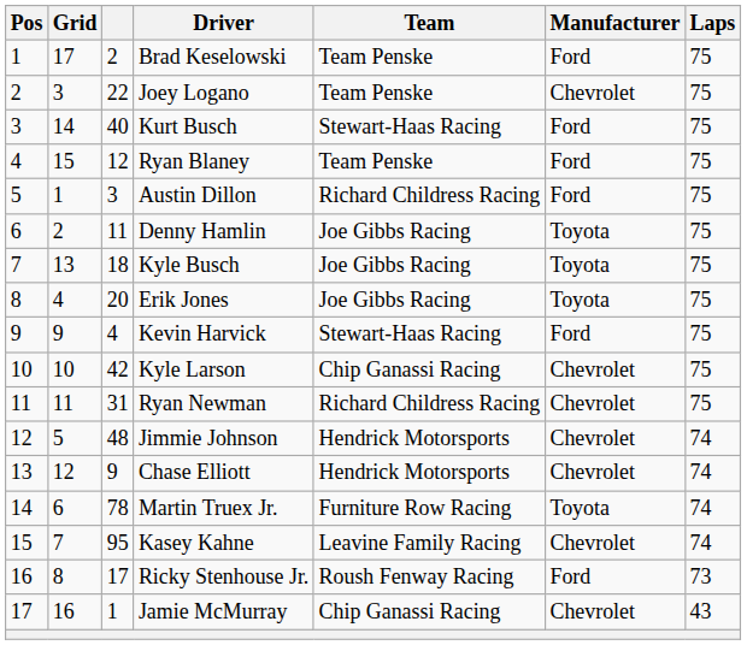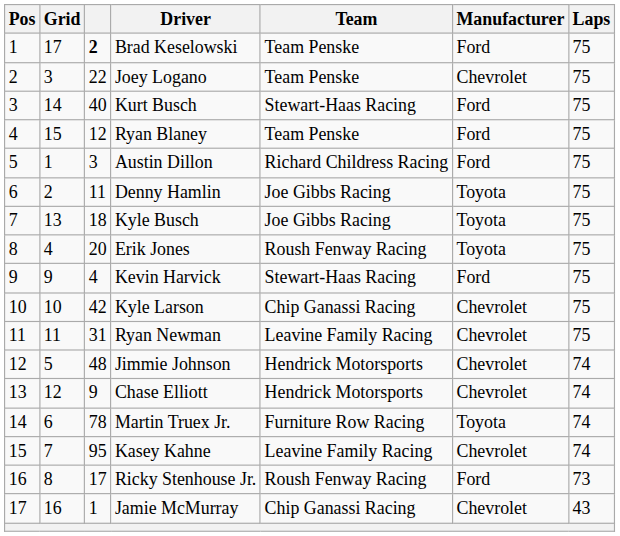 <table class="wikitable" style="font-size:98%">
 <tr>
 <th>Pos</th>
 <th>Grid</th>
 <th></th>
 <th>Driver</th>
 <th>Team</th>
 <th>Manufacturer</th>
 <th>Laps</th>
 </tr>
 <tr>
 <td>1</td>
 <td>17</td>
-<td>2</td>
+<td><strong>2</strong></td>
 <td>Brad Keselowski</td>
 <td>Team Penske</td>
 <td>Ford</td>
 <td>75</td>
 </tr>
 <tr>
 <td>2</td>
 <td>3</td>
 <td>22</td>
 <td>Joey Logano</td>
 <td>Team Penske</td>
 <td>Chevrolet</td>
 <td>75</td>
 </tr>
 <tr>
 <td>3</td>
 <td>14</td>
 <td>40</td>
 <td>Kurt Busch</td>
 <td>Stewart-Haas Racing</td>
 <td>Ford</td>
 <td>75</td>
 </tr>
 <tr>
 <td>4</td>
 <td>15</td>
 <td>12</td>
 <td>Ryan Blaney</td>
 <td>Team Penske</td>
 <td>Ford</td>
 <td>75</td>
 </tr>
 <tr>
 <td>5</td>
 <td>1</td>
 <td>3</td>
 <td>Austin Dillon</td>
 <td>Richard Childress Racing</td>
 <td>Ford</td>
 <td>75</td>
 </tr>
 <tr>
 <td>6</td>
 <td>2</td>
 <td>11</td>
 <td>Denny Hamlin</td>
 <td>Joe Gibbs Racing</td>
 <td>Toyota</td>
 <td>75</td>
 </tr>
 <tr>
 <td>7</td>
 <td>13</td>
 <td>18</td>
 <td>Kyle Busch</td>
 <td>Joe Gibbs Racing</td>
 <td>Toyota</td>
 <td>75</td>
 </tr>
 <tr>
 <td>8</td>
 <td>4</td>
 <td>20</td>
 <td>Erik Jones</td>
-<td>Joe Gibbs Racing</td>
+<td>Roush Fenway Racing</td>
 <td>Toyota</td>
 <td>75</td>
 </tr>
 <tr>
 <td>9</td>
 <td>9</td>
 <td>4</td>
 <td>Kevin Harvick</td>
 <td>Stewart-Haas Racing</td>
 <td>Ford</td>
 <td>75</td>
 </tr>
 <tr>
 <td>10</td>
 <td>10</td>
 <td>42</td>
 <td>Kyle Larson</td>
 <td>Chip Ganassi Racing</td>
 <td>Chevrolet</td>
 <td>75</td>
 </tr>
 <tr>
 <td>11</td>
 <td>11</td>
 <td>31</td>
 <td>Ryan Newman</td>
-<td>Richard Childress Racing</td>
+<td>Leavine Family Racing</td>
 <td>Chevrolet</td>
 <td>75</td>
 </tr>
 <tr>
 <td>12</td>
 <td>5</td>
 <td>48</td>
 <td>Jimmie Johnson</td>
 <td>Hendrick Motorsports</td>
 <td>Chevrolet</td>
 <td>74</td>
 </tr>
 <tr>
 <td>13</td>
 <td>12</td>
 <td>9</td>
 <td>Chase Elliott</td>
 <td>Hendrick Motorsports</td>
 <td>Chevrolet</td>
 <td>74</td>
 </tr>
 <tr>
 <td>14</td>
 <td>6</td>
 <td>78</td>
 <td>Martin Truex Jr.</td>
 <td>Furniture Row Racing</td>
 <td>Toyota</td>
 <td>74</td>
 </tr>
 <tr>
 <td>15</td>
 <td>7</td>
 <td>95</td>
 <td>Kasey Kahne</td>
 <td>Leavine Family Racing</td>
 <td>Chevrolet</td>
 <td>74</td>
 </tr>
 <tr>
 <td>16</td>
 <td>8</td>
 <td>17</td>
 <td>Ricky Stenhouse Jr.</td>
 <td>Roush Fenway Racing</td>
 <td>Ford</td>
 <td>73</td>
 </tr>
 <tr>
 <td>17</td>
 <td>16</td>
 <td>1</td>
 <td>Jamie McMurray</td>
 <td>Chip Ganassi Racing</td>
 <td>Chevrolet</td>
 <td>43</td>
 </tr>
 <tr>
 <th colspan="7"></th>
 </tr>
 </table>
